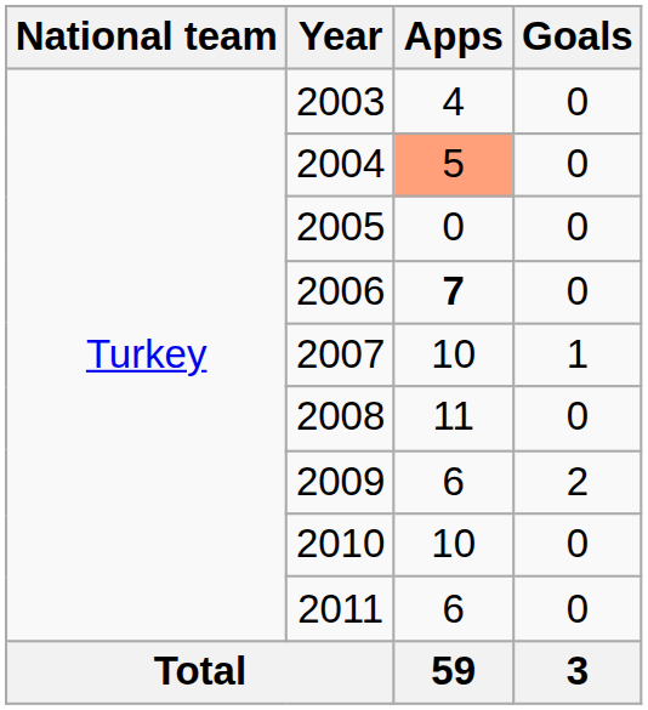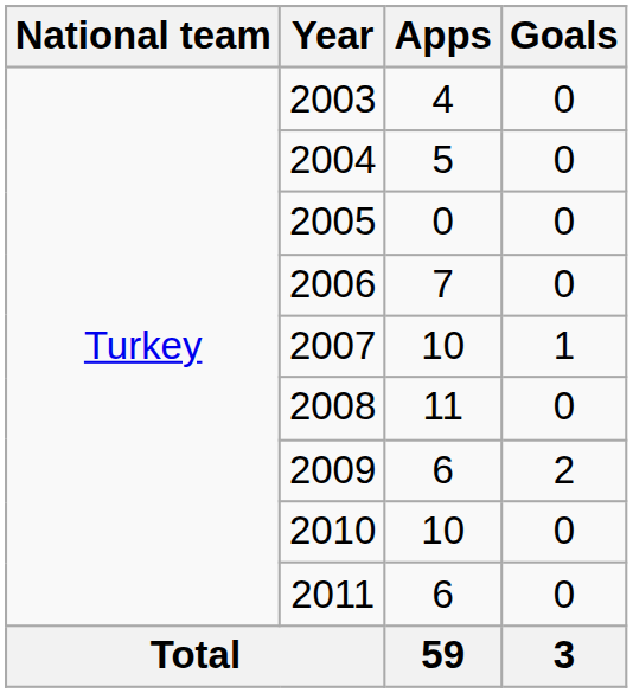 <table class="wikitable" style="text-align:center">
 <tr>
 <th>National team</th>
 <th>Year</th>
 <th>Apps</th>
 <th>Goals</th>
 </tr>
 <tr>
 <td rowspan="9"><a href='#'>Turkey</a></td>
 <td>2003</td>
 <td>4</td>
 <td>0</td>
 </tr>
 <tr>
 <td>2004</td>
-<td style="background: lightsalmon;">5</td>
+<td>5</td>
 <td>0</td>
 </tr>
 <tr>
 <td>2005</td>
 <td>0</td>
 <td>0</td>
 </tr>
 <tr>
 <td>2006</td>
-<td><strong>7</strong></td>
+<td>7</td>
 <td>0</td>
 </tr>
 <tr>
 <td>2007</td>
 <td>10</td>
 <td>1</td>
 </tr>
 <tr>
 <td>2008</td>
 <td>11</td>
 <td>0</td>
 </tr>
 <tr>
 <td>2009</td>
 <td>6</td>
 <td>2</td>
 </tr>
 <tr>
 <td>2010</td>
 <td>10</td>
 <td>0</td>
 </tr>
 <tr>
 <td>2011</td>
 <td>6</td>
 <td>0</td>
 </tr>
 <tr>
 <th colspan="2">Total</th>
 <th>59</th>
 <th>3</th>
 </tr>
 </table>
